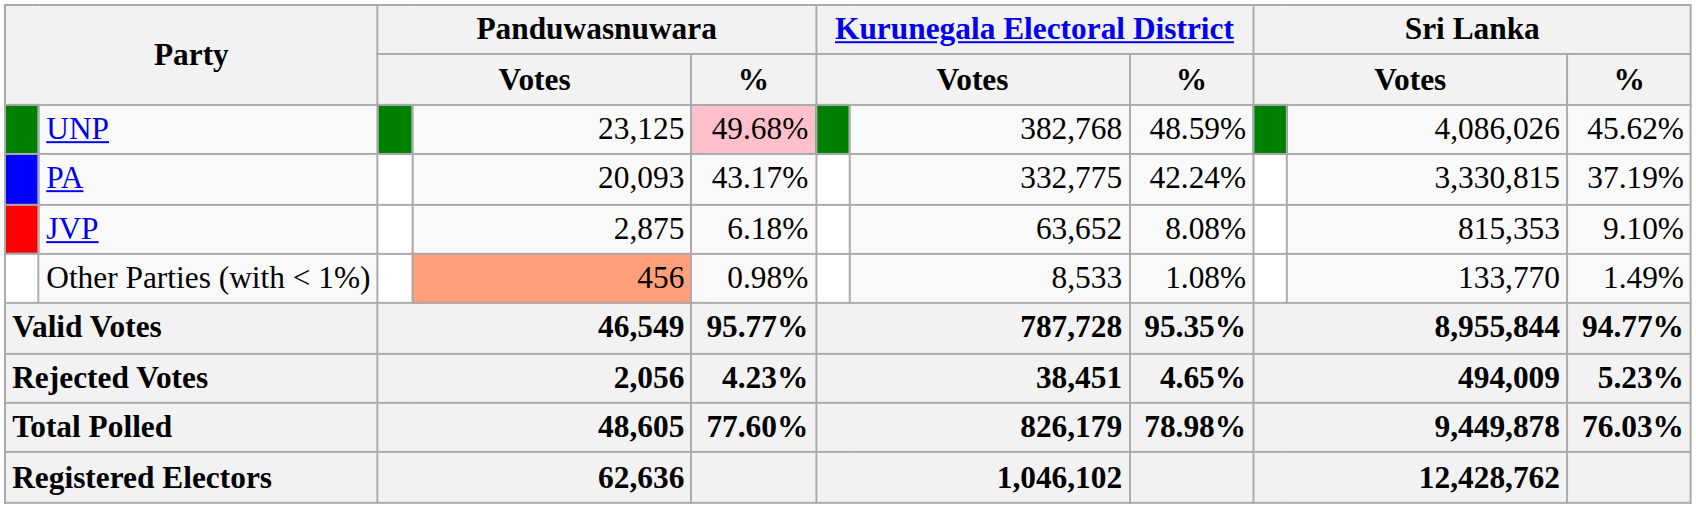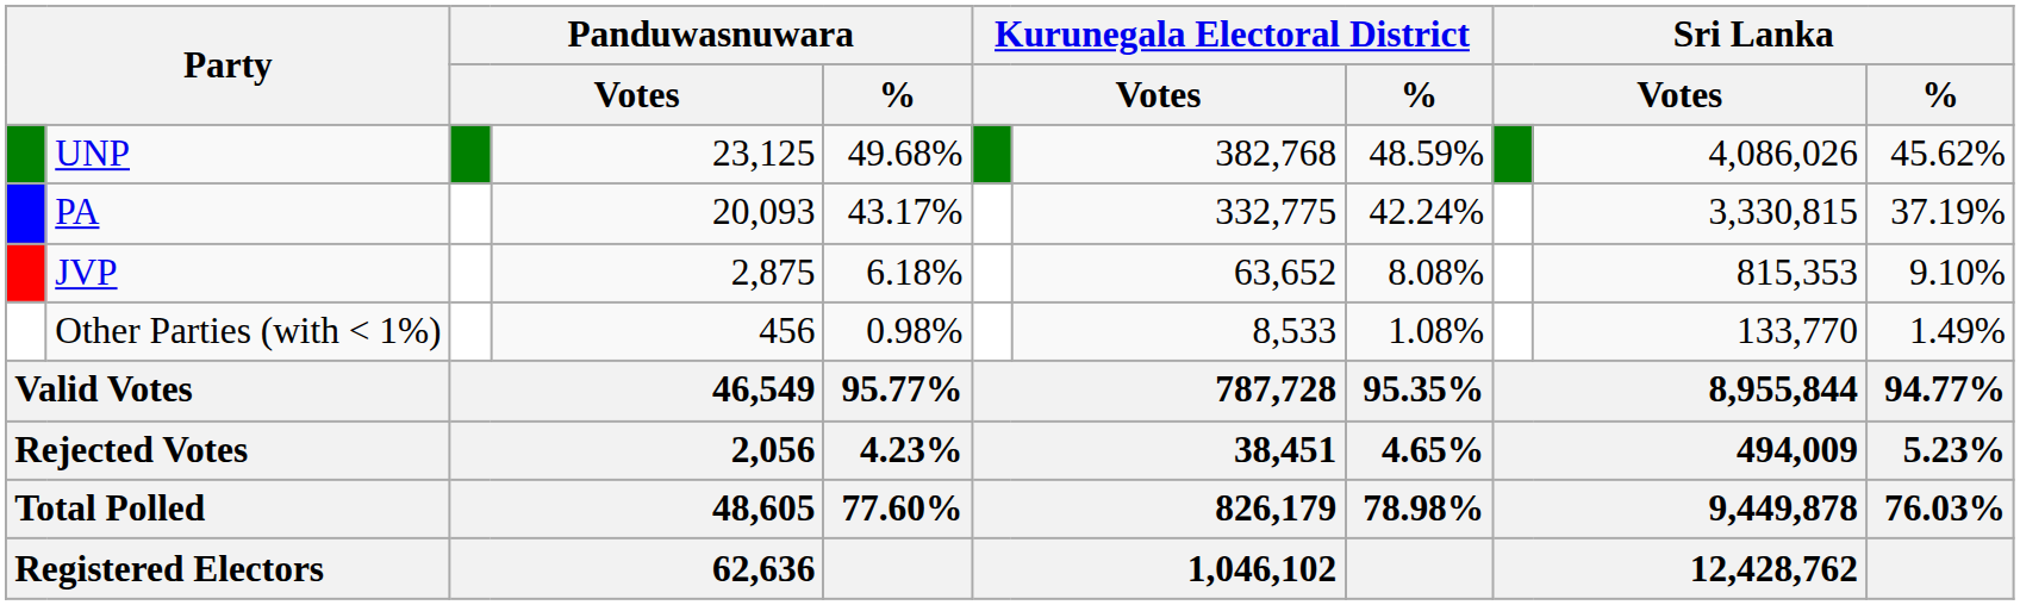 <table class="wikitable">
 <tr>
 <th colspan="2" width="144px"rowspan="2">Party</th>
 <th colspan="3" width="216px">Panduwasnuwara</th>
 <th colspan="3" width="216px"><a href='#'>Kurunegala Electoral District</a></th>
 <th colspan="3" width="216px">Sri Lanka</th>
 </tr>
 <tr>
 <th colspan="2" width="144px">Votes</th>
 <th>%</th>
 <th colspan="2" width="144px">Votes</th>
 <th>%</th>
 <th colspan="2" width="144px">Votes</th>
 <th>%</th>
 </tr>
 <tr>
 <td style="background-color:green;" width="10px"></td>
 <td style="text-align:left;"><a href='#'>UNP</a></td>
 <td style="background-color:green;" width="10px"></td>
 <td style="text-align:right;">23,125</td>
-<td style="background: pink; text-align:right;">49.68%</td>
+<td style="text-align:right;">49.68%</td>
 <td style="background-color:green;" width="10px"></td>
 <td style="text-align:right;">382,768</td>
 <td style="text-align:right;">48.59%</td>
 <td style="background-color:green;" width="10px"></td>
 <td style="text-align:right;">4,086,026</td>
 <td style="text-align:right;">45.62%</td>
 </tr>
 <tr>
 <td style="background-color:blue;" width="10px"></td>
 <td style="text-align:left;"><a href='#'>PA</a></td>
 <td style="background-color:white;" width="10px"></td>
 <td style="text-align:right;">20,093</td>
 <td style="text-align:right;">43.17%</td>
 <td style="background-color:white;" width="10px"></td>
 <td style="text-align:right;">332,775</td>
 <td style="text-align:right;">42.24%</td>
 <td style="background-color:white;" width="10px"></td>
 <td style="text-align:right;">3,330,815</td>
 <td style="text-align:right;">37.19%</td>
 </tr>
 <tr>
 <td style="background-color:red;" width="10px"></td>
 <td style="text-align:left;"><a href='#'>JVP</a></td>
 <td style="background-color:white;" width="10px"></td>
 <td style="text-align:right;">2,875</td>
 <td style="text-align:right;">6.18%</td>
 <td style="background-color:white;" width="10px"></td>
 <td style="text-align:right;">63,652</td>
 <td style="text-align:right;">8.08%</td>
 <td style="background-color:white;" width="10px"></td>
 <td style="text-align:right;">815,353</td>
 <td style="text-align:right;">9.10%</td>
 </tr>
 <tr>
 <td style="background-color:white;" width="10px"></td>
 <td style="text-align:left;">Other Parties (with < 1%)</td>
 <td style="background-color:white;" width="10px"></td>
-<td style="background: lightsalmon; text-align:right;">456</td>
+<td style="text-align:right;">456</td>
 <td style="text-align:right;">0.98%</td>
 <td style="background-color:white;" width="10px"></td>
 <td style="text-align:right;">8,533</td>
 <td style="text-align:right;">1.08%</td>
 <td style="background-color:white;" width="10px"></td>
 <td style="text-align:right;">133,770</td>
 <td style="text-align:right;">1.49%</td>
 </tr>
 <tr>
 <th colspan="2" width="144px"style="text-align:left;">Valid Votes</th>
 <th style="text-align:right;"colspan="2" width="144px">46,549</th>
 <th style="text-align:right;">95.77%</th>
 <th style="text-align:right;"colspan="2" width="144px">787,728</th>
 <th style="text-align:right;">95.35%</th>
 <th style="text-align:right;"colspan="2" width="144px">8,955,844</th>
 <th style="text-align:right;">94.77%</th>
 </tr>
 <tr>
 <th colspan="2" width="144px"style="text-align:left;">Rejected Votes</th>
 <th style="text-align:right;"colspan="2" width="144px">2,056</th>
 <th style="text-align:right;">4.23%</th>
 <th style="text-align:right;"colspan="2" width="144px">38,451</th>
 <th style="text-align:right;">4.65%</th>
 <th style="text-align:right;"colspan="2" width="144px">494,009</th>
 <th style="text-align:right;">5.23%</th>
 </tr>
 <tr>
 <th colspan="2" width="144px"style="text-align:left;">Total Polled</th>
 <th style="text-align:right;"colspan="2" width="144px">48,605</th>
 <th style="text-align:right;">77.60%</th>
 <th style="text-align:right;"colspan="2" width="144px">826,179</th>
 <th style="text-align:right;">78.98%</th>
 <th style="text-align:right;"colspan="2" width="144px">9,449,878</th>
 <th style="text-align:right;">76.03%</th>
 </tr>
 <tr>
 <th colspan="2" width="144px"style="text-align:left;">Registered Electors</th>
 <th style="text-align:right;"colspan="2" width="144px">62,636</th>
 <th></th>
 <th style="text-align:right;"colspan="2" width="144px">1,046,102</th>
 <th></th>
 <th style="text-align:right;"colspan="2" width="144px">12,428,762</th>
 <th></th>
 </tr>
 </table>
